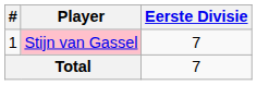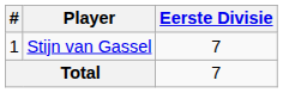 <table class="wikitable" style="text-align:center;">
 <tr>
 <th>#</th>
 <th>Player</th>
 <th><a href='#'>Eerste Divisie</a></th>
 </tr>
 <tr>
 <td>1</td>
-<td align="left" style="background: pink;"> <a href='#'>Stijn van Gassel</a></td>
+<td align="left"> <a href='#'>Stijn van Gassel</a></td>
 <td>7</td>
 </tr>
 <tr>
 <th colspan="2">Total</th>
 <td>7</td>
 </tr>
 </table>
